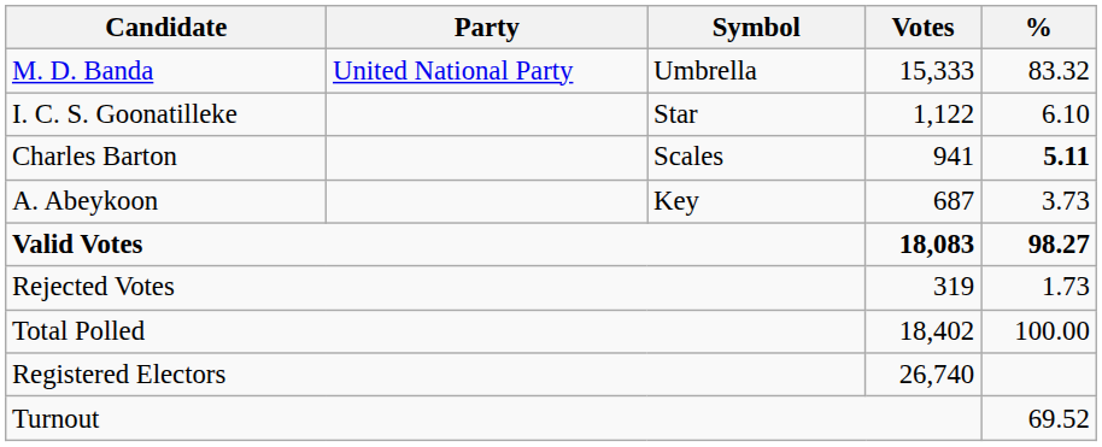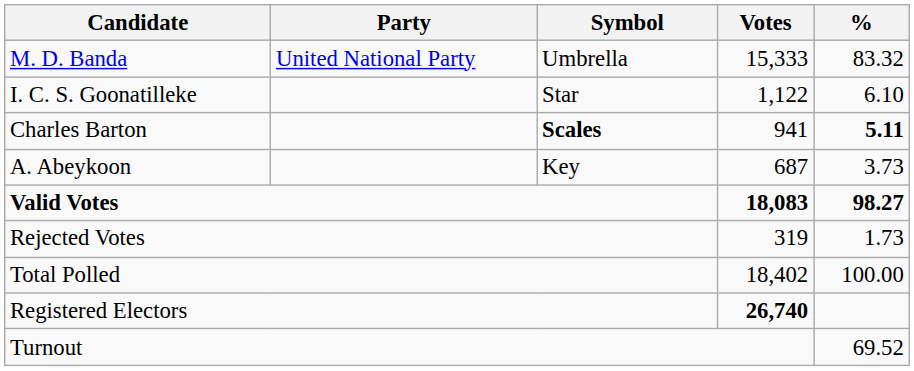 <table class="wikitable" border="1" style="text-align:right;">
 <tr>
 <th align=left width="180">Candidate</th>
 <th align=left width="180">Party</th>
 <th align=left width="120">Symbol</th>
 <th align=left width="60">Votes</th>
 <th align=left width="60">%</th>
 </tr>
 <tr>
 <td align=left><a href='#'>M. D. Banda</a></td>
 <td align=left><a href='#'>United National Party</a></td>
 <td align=left>Umbrella</td>
 <td align=right>15,333</td>
 <td align=right>83.32</td>
 </tr>
 <tr>
 <td align=left>I. C. S. Goonatilleke</td>
 <td align=left></td>
 <td align=left>Star</td>
 <td align=right>1,122</td>
 <td align=right>6.10</td>
 </tr>
 <tr>
 <td align=left>Charles Barton</td>
 <td align=left></td>
-<td align=left>Scales</td>
+<td align=left><strong>Scales</strong></td>
 <td align=right>941</td>
 <td align=right><strong>5.11</strong></td>
 </tr>
 <tr>
 <td align=left>A. Abeykoon</td>
 <td align=left></td>
 <td align=left>Key</td>
 <td align=right>687</td>
 <td align=right>3.73</td>
 </tr>
 <tr>
 <td align=left colspan=3><strong>Valid Votes</strong></td>
 <td align=right><strong>18,083</strong></td>
 <td align=right><strong>98.27</strong></td>
 </tr>
 <tr>
 <td align=left colspan=3>Rejected Votes</td>
 <td align=right>319</td>
 <td align=right>1.73</td>
 </tr>
 <tr>
 <td align=left colspan=3>Total Polled</td>
 <td align=right>18,402</td>
 <td align=right>100.00</td>
 </tr>
 <tr>
 <td align=left colspan=3>Registered Electors</td>
-<td align=right>26,740</td>
+<td align=right><strong>26,740</strong></td>
 <td></td>
 </tr>
 <tr>
 <td align=left colspan=4>Turnout</td>
 <td align=right>69.52</td>
 </tr>
 </table>
